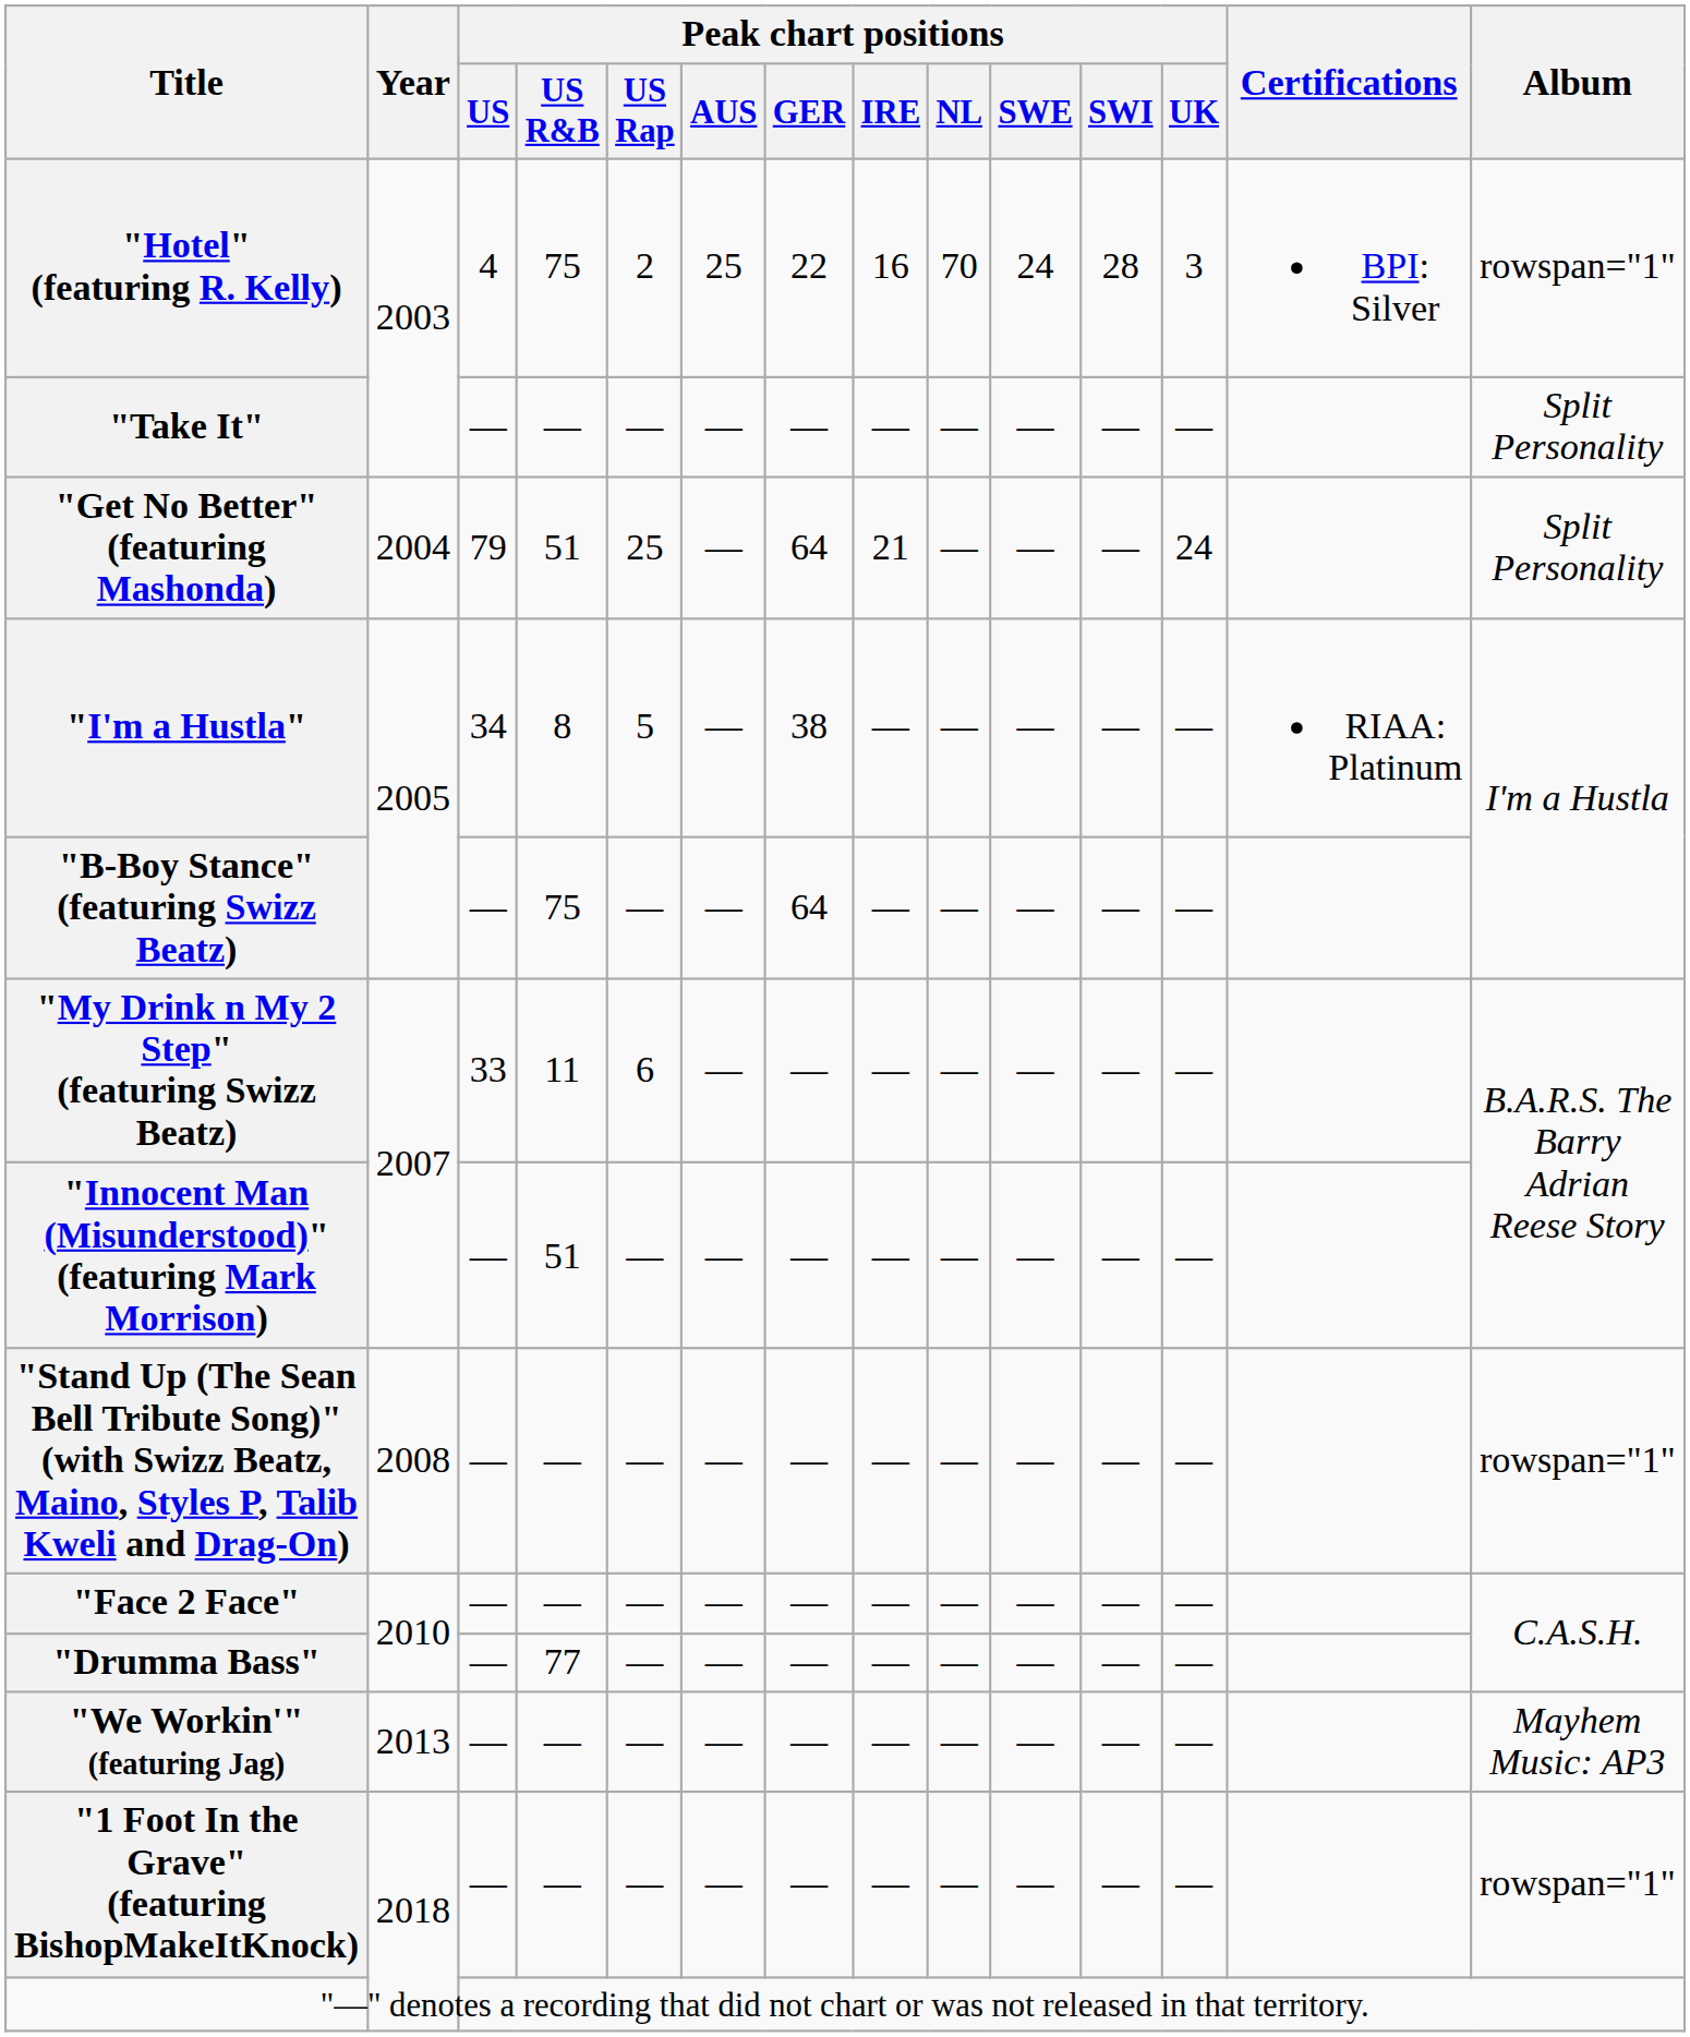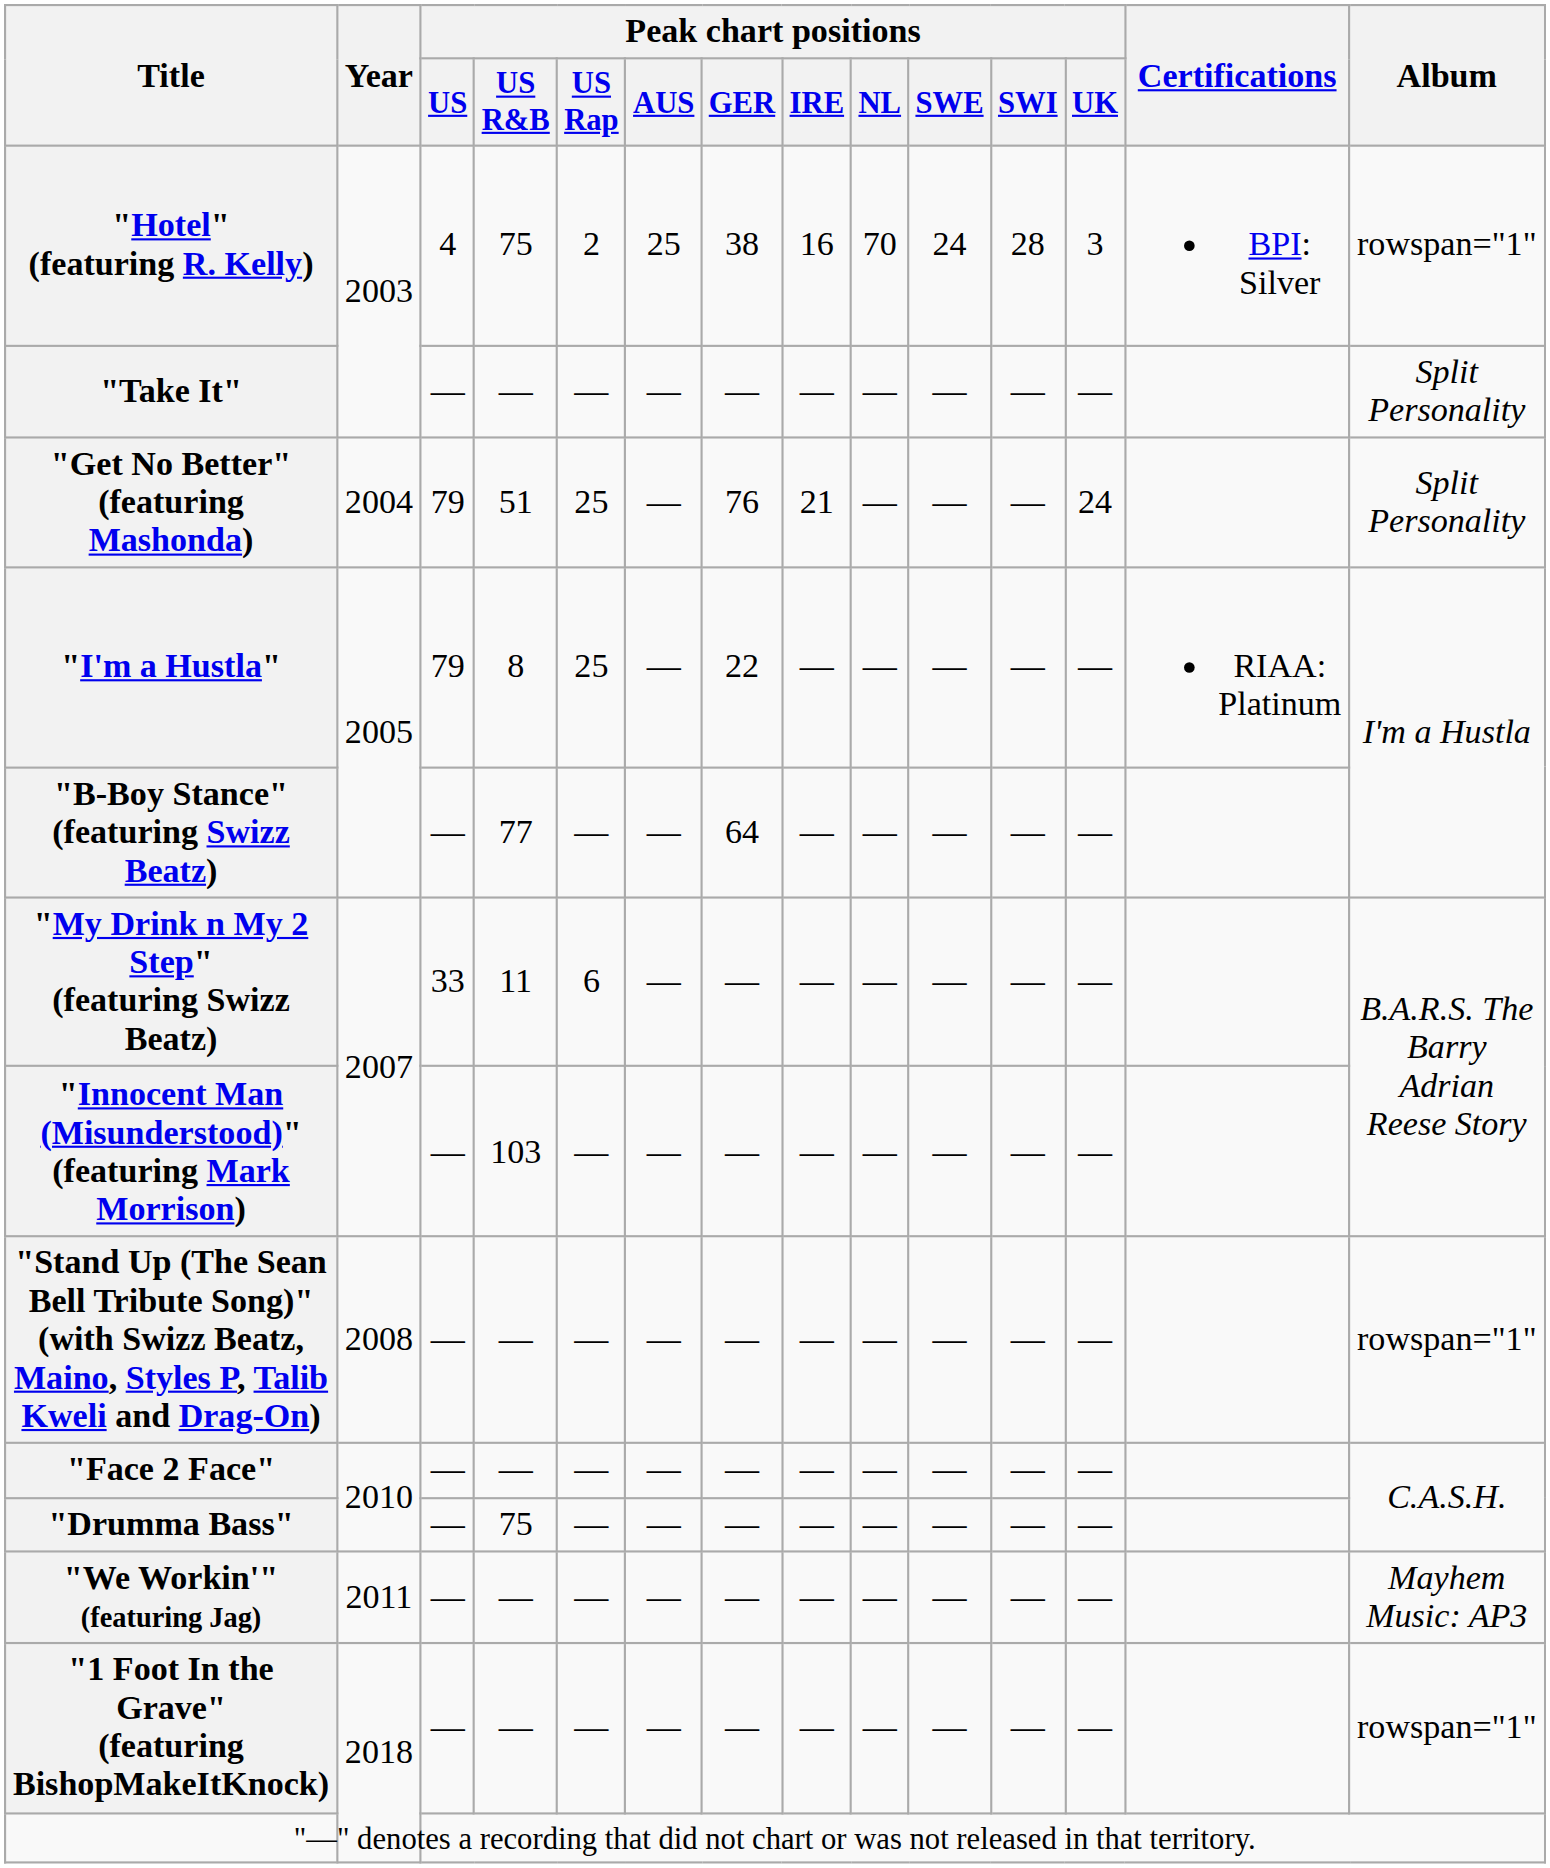 <table class="wikitable plainrowheaders" style="text-align:center;">
 <tr>
 <th scope="col" rowspan="2" style="width:18em;">Title</th>
 <th scope="col" rowspan="2">Year</th>
 <th scope="col" colspan="10">Peak chart positions</th>
 <th scope="col" rowspan="2" style="width:12em;"><a href='#'>Certifications</a></th>
 <th scope="col" rowspan="2">Album</th>
 </tr>
 <tr>
 <th style="width:3em;font-size:90%;"><a href='#'>US</a><br></th>
 <th style="width:3em;font-size:90%;"><a href='#'>US<br>R&B</a><br></th>
 <th style="width:3em;font-size:90%;"><a href='#'>US<br>Rap</a><br></th>
 <th style="width:3em;font-size:90%;"><a href='#'>AUS</a><br></th>
 <th style="width:3em;font-size:90%;"><a href='#'>GER</a><br></th>
 <th style="width:3em;font-size:90%;"><a href='#'>IRE</a><br></th>
 <th style="width:3em;font-size:90%;"><a href='#'>NL</a><br></th>
 <th style="width:3em;font-size:90%;"><a href='#'>SWE</a><br></th>
 <th style="width:3em;font-size:90%;"><a href='#'>SWI</a><br></th>
 <th style="width:3em;font-size:90%;"><a href='#'>UK</a><br></th>
 </tr>
 <tr>
 <th scope="row">"<a href='#'>Hotel</a>"<br><span>(featuring <a href='#'>R. Kelly</a>)</span></th>
 <td rowspan="2">2003</td>
 <td>4</td>
 <td>75</td>
 <td>2</td>
 <td>25</td>
-<td>22</td>
+<td>38</td>
 <td>16</td>
 <td>70</td>
 <td>24</td>
 <td>28</td>
 <td>3</td>
 <td><br><ul><li><a href='#'>BPI</a>: Silver</li></ul></td>
 <td>rowspan="1" </td>
 </tr>
 <tr>
 <th scope="row">"Take It"</th>
 <td>—</td>
 <td>—</td>
 <td>—</td>
 <td>—</td>
 <td>—</td>
 <td>—</td>
 <td>—</td>
 <td>—</td>
 <td>—</td>
 <td>—</td>
 <td></td>
 <td rowspan="1"><em>Split Personality</em></td>
 </tr>
 <tr>
 <th scope="row">"Get No Better"<br><span>(featuring <a href='#'>Mashonda</a>)</span></th>
 <td>2004</td>
 <td>79</td>
 <td>51</td>
 <td>25</td>
 <td>—</td>
-<td>64</td>
+<td>76</td>
 <td>21</td>
 <td>—</td>
 <td>—</td>
 <td>—</td>
 <td>24</td>
 <td></td>
 <td rowspan="1"><em>Split Personality</em></td>
 </tr>
 <tr>
 <th scope="row">"<a href='#'>I'm a Hustla</a>"</th>
 <td rowspan="2">2005</td>
-<td>34</td>
+<td>79</td>
 <td>8</td>
-<td>5</td>
+<td>25</td>
 <td>—</td>
-<td>38</td>
+<td>22</td>
 <td>—</td>
 <td>—</td>
 <td>—</td>
 <td>—</td>
 <td>—</td>
 <td><br><ul><li>RIAA: Platinum</li></ul></td>
 <td rowspan="2"><em>I'm a Hustla</em></td>
 </tr>
 <tr>
 <th scope="row">"B-Boy Stance"<br><span>(featuring <a href='#'>Swizz Beatz</a>)</span></th>
 <td>—</td>
-<td>75</td>
+<td>77</td>
 <td>—</td>
 <td>—</td>
 <td>64</td>
 <td>—</td>
 <td>—</td>
 <td>—</td>
 <td>—</td>
 <td>—</td>
 <td></td>
 </tr>
 <tr>
 <th scope="row">"<a href='#'>My Drink n My 2 Step</a>"<br><span>(featuring Swizz Beatz)</span></th>
 <td rowspan="2">2007</td>
 <td>33</td>
 <td>11</td>
 <td>6</td>
 <td>—</td>
 <td>—</td>
 <td>—</td>
 <td>—</td>
 <td>—</td>
 <td>—</td>
 <td>—</td>
 <td></td>
 <td rowspan="2"><em>B.A.R.S. The Barry Adrian Reese Story</em></td>
 </tr>
 <tr>
 <th scope="row">"<a href='#'>Innocent Man (Misunderstood)</a>"<br><span>(featuring <a href='#'>Mark Morrison</a>)</span></th>
 <td>—</td>
-<td>51</td>
+<td>103</td>
 <td>—</td>
 <td>—</td>
 <td>—</td>
 <td>—</td>
 <td>—</td>
 <td>—</td>
 <td>—</td>
 <td>—</td>
 <td></td>
 </tr>
 <tr>
 <th scope="row">"Stand Up (The Sean Bell Tribute Song)"<br><span>(with Swizz Beatz, <a href='#'>Maino</a>, <a href='#'>Styles P</a>, <a href='#'>Talib Kweli</a> and <a href='#'>Drag-On</a>)</span></th>
 <td rowspan="1">2008</td>
 <td>—</td>
 <td>—</td>
 <td>—</td>
 <td>—</td>
 <td>—</td>
 <td>—</td>
 <td>—</td>
 <td>—</td>
 <td>—</td>
 <td>—</td>
 <td></td>
 <td>rowspan="1" </td>
 </tr>
 <tr>
 <th scope="row">"Face 2 Face"</th>
 <td rowspan="2">2010</td>
 <td>—</td>
 <td>—</td>
 <td>—</td>
 <td>—</td>
 <td>—</td>
 <td>—</td>
 <td>—</td>
 <td>—</td>
 <td>—</td>
 <td>—</td>
 <td></td>
 <td rowspan="2"><em>C.A.S.H.</em></td>
 </tr>
 <tr>
 <th scope="row">"Drumma Bass"</th>
 <td>—</td>
-<td>77</td>
+<td>75</td>
 <td>—</td>
 <td>—</td>
 <td>—</td>
 <td>—</td>
 <td>—</td>
 <td>—</td>
 <td>—</td>
 <td>—</td>
 <td></td>
 </tr>
 <tr>
 <th scope="row">"We Workin'"<br><small>(featuring Jag)</small></th>
-<td>2013</td>
+<td>2011</td>
 <td>—</td>
 <td>—</td>
 <td>—</td>
 <td>—</td>
 <td>—</td>
 <td>—</td>
 <td>—</td>
 <td>—</td>
 <td>—</td>
 <td>—</td>
 <td></td>
 <td rowspan="1"><em>Mayhem Music: AP3</em></td>
 </tr>
 <tr>
 <th scope="row">"1 Foot In the Grave"<br><span>(featuring BishopMakeItKnock)</span></th>
 <td rowspan="2">2018</td>
 <td>—</td>
 <td>—</td>
 <td>—</td>
 <td>—</td>
 <td>—</td>
 <td>—</td>
 <td>—</td>
 <td>—</td>
 <td>—</td>
 <td>—</td>
 <td></td>
 <td>rowspan="1" </td>
 </tr>
 <tr>
 <td colspan="14" style="font-size:90%">"—" denotes a recording that did not chart or was not released in that territory.</td>
 </tr>
 </table>
